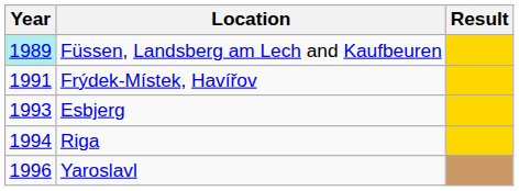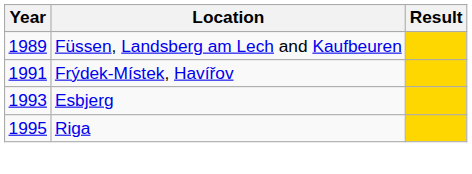 <table class="wikitable" style="text-align:center;">
 <tr>
 <th>Year</th>
 <th>Location</th>
 <th>Result</th>
 </tr>
 <tr>
-<td style="background: paleturquoise;"> <a href='#'>1989</a></td>
+<td> <a href='#'>1989</a></td>
 <td align=left><a href='#'>Füssen</a>, <a href='#'>Landsberg am Lech</a> and <a href='#'>Kaufbeuren</a></td>
 <td style="background:gold"></td>
 </tr>
 <tr>
 <td> <a href='#'>1991</a></td>
 <td align=left><a href='#'>Frýdek-Místek</a>, <a href='#'>Havířov</a></td>
 <td style="background:gold"></td>
 </tr>
 <tr>
 <td> <a href='#'>1993</a></td>
 <td align=left><a href='#'>Esbjerg</a></td>
 <td style="background:gold"></td>
 </tr>
 <tr>
-<td> <a href='#'>1994</a></td>
+<td> <a href='#'>1995</a></td>
 <td align=left><a href='#'>Riga</a></td>
 <td style="background:gold"></td>
 </tr>
-<tr>
-<td> <a href='#'>1996</a></td>
-<td align=left><a href='#'>Yaroslavl</a></td>
-<td style="background:#c96;"></td>
-</tr>
 </table>
